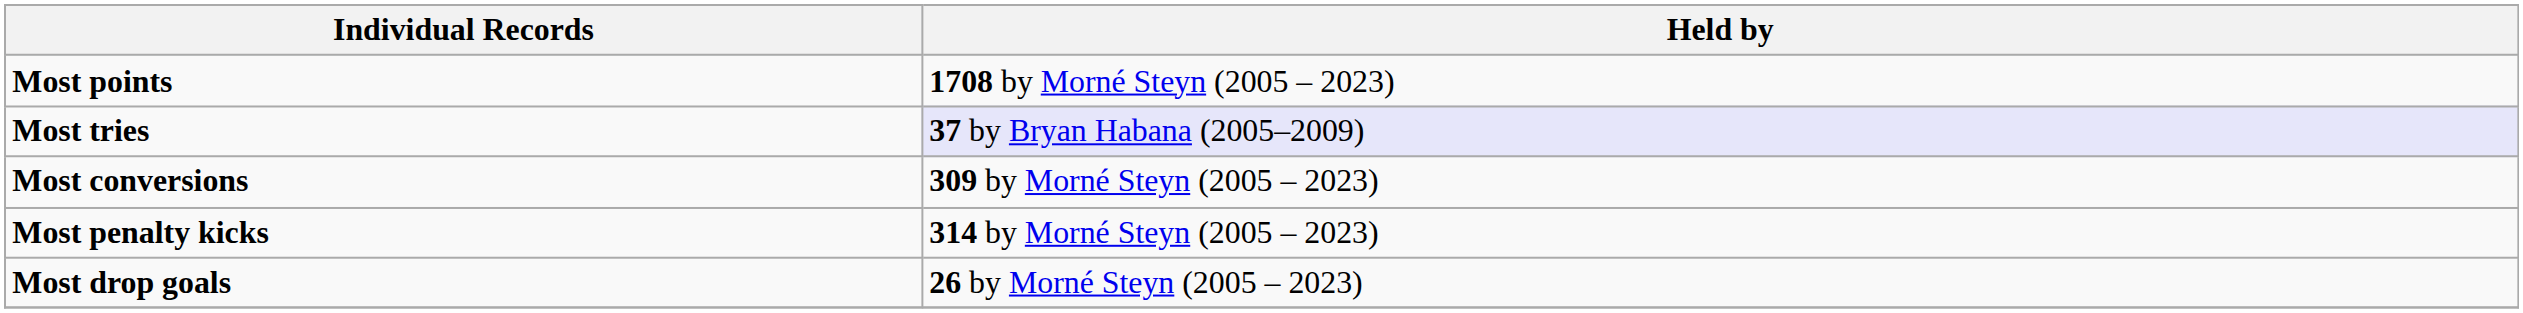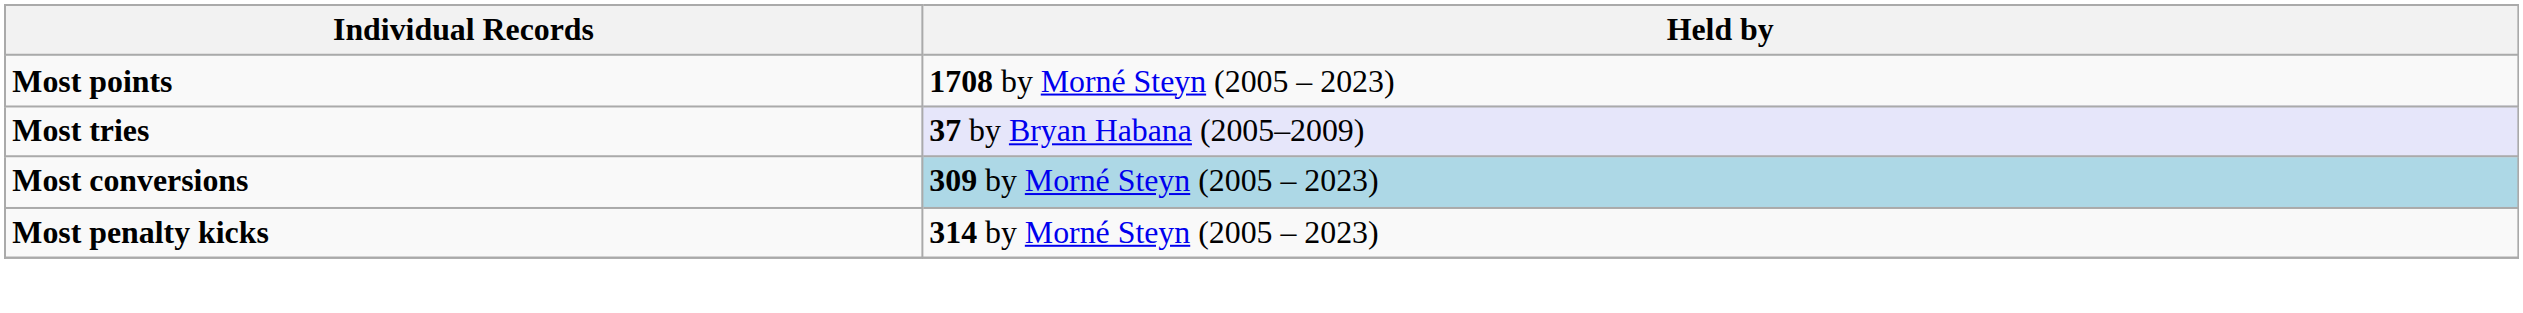 <table class="wikitable" width="100%">
 <tr style="background:#BCD4E6">
 <th>Individual Records</th>
 <th>Held by</th>
 </tr>
 <tr>
 <td><strong>Most points</strong></td>
 <td><strong>1708</strong> by <a href='#'>Morné Steyn</a> (2005 – 2023)</td>
 </tr>
 <tr>
 <td><strong>Most tries</strong></td>
 <td style="background: lavender;"><strong>37</strong> by <a href='#'>Bryan Habana</a> (2005–2009)</td>
 </tr>
 <tr>
 <td><strong>Most conversions</strong></td>
-<td><strong>309</strong> by <a href='#'>Morné Steyn</a> (2005 – 2023)</td>
+<td style="background: lightblue;"><strong>309</strong> by <a href='#'>Morné Steyn</a> (2005 – 2023)</td>
 </tr>
 <tr>
 <td><strong>Most penalty kicks</strong></td>
 <td><strong>314</strong> by <a href='#'>Morné Steyn</a> (2005 – 2023)</td>
 </tr>
-<tr>
-<td><strong>Most drop goals</strong></td>
-<td><strong>26</strong> by <a href='#'>Morné Steyn</a> (2005 – 2023)</td>
-</tr>
 <tr style="background:#BCD4E6">
 </tr>
 </table>
